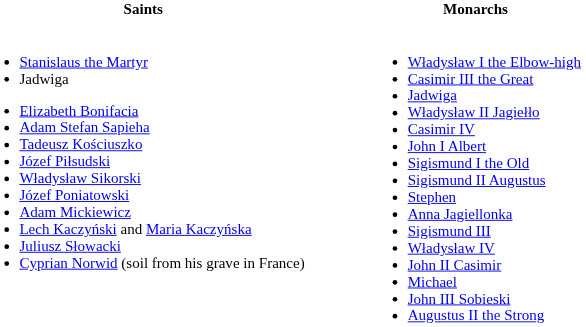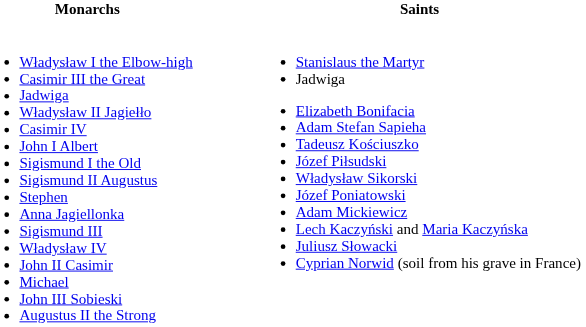 <table>
 <tr>
+<th>Monarchs</th>
+<th></th>
 <th>Saints</th>
-<th></th>
-<th>Monarchs</th>
 </tr>
 <tr>
+<td valign="Top"><br><ul><li><a href='#'>Władysław I the Elbow-high</a></li><li><a href='#'>Casimir III the Great</a></li><li><a href='#'>Jadwiga</a></li><li><a href='#'>Władysław II Jagiełło</a></li><li><a href='#'>Casimir IV</a></li><li><a href='#'>John I Albert</a></li><li><a href='#'>Sigismund I the Old</a></li><li><a href='#'>Sigismund II Augustus</a></li><li><a href='#'>Stephen</a></li><li><a href='#'>Anna Jagiellonka</a></li><li><a href='#'>Sigismund III</a></li><li><a href='#'>Władysław IV</a></li><li><a href='#'>John II Casimir</a></li><li><a href='#'>Michael</a></li><li><a href='#'>John III Sobieski</a></li><li><a href='#'>Augustus II the Strong</a></li></ul></td>
+<td width="10%"></td>
 <td valign="Top"><br><ul><li><a href='#'>Stanislaus the Martyr</a></li><li>Jadwiga</li></ul><ul><li><a href='#'>Elizabeth Bonifacia</a></li><li><a href='#'>Adam Stefan Sapieha</a></li><li><a href='#'>Tadeusz Kościuszko</a></li><li><a href='#'>Józef Piłsudski</a></li><li><a href='#'>Władysław Sikorski</a></li><li><a href='#'>Józef Poniatowski</a></li><li><a href='#'>Adam Mickiewicz</a></li><li><a href='#'>Lech Kaczyński</a> and <a href='#'>Maria Kaczyńska</a></li><li><a href='#'>Juliusz Słowacki</a></li><li><a href='#'>Cyprian Norwid</a> (soil from his grave in France)</li></ul></td>
-<td width="10%"></td>
-<td valign="Top"><br><ul><li><a href='#'>Władysław I the Elbow-high</a></li><li><a href='#'>Casimir III the Great</a></li><li><a href='#'>Jadwiga</a></li><li><a href='#'>Władysław II Jagiełło</a></li><li><a href='#'>Casimir IV</a></li><li><a href='#'>John I Albert</a></li><li><a href='#'>Sigismund I the Old</a></li><li><a href='#'>Sigismund II Augustus</a></li><li><a href='#'>Stephen</a></li><li><a href='#'>Anna Jagiellonka</a></li><li><a href='#'>Sigismund III</a></li><li><a href='#'>Władysław IV</a></li><li><a href='#'>John II Casimir</a></li><li><a href='#'>Michael</a></li><li><a href='#'>John III Sobieski</a></li><li><a href='#'>Augustus II the Strong</a></li></ul></td>
 </tr>
 </table>
